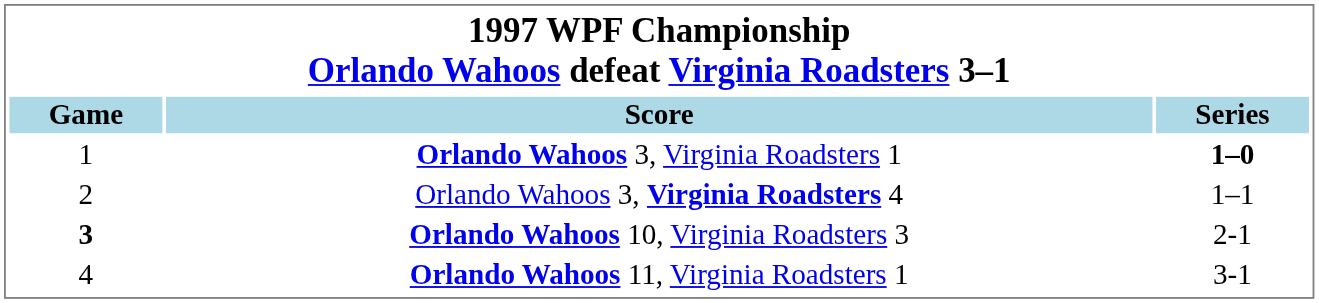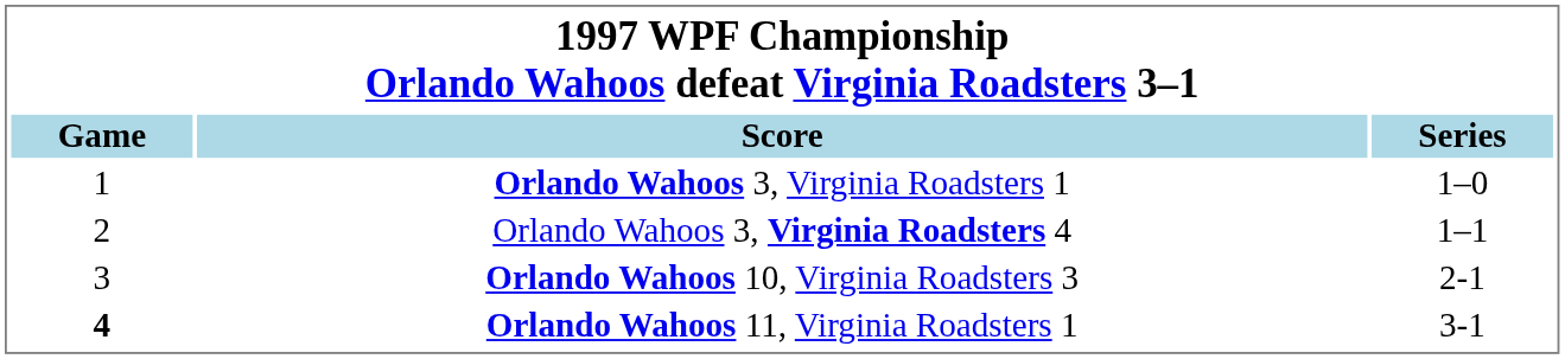 <table cellpadding="1"  style="min-width:45em;text-align:center;font-size:100%; border:1px solid gray;">
 <tr style="font-size:larger;">
 <th colspan=8>1997 WPF Championship<br><strong><a href='#'>Orlando Wahoos</a></strong> defeat <a href='#'>Virginia Roadsters</a> 3–1</th>
 </tr>
 <tr style="background:lightblue;">
 <th>Game</th>
 <th>Score</th>
 <th>Series<br></th>
 </tr>
 <tr>
 <td>1</td>
 <td><strong><a href='#'>Orlando Wahoos</a></strong> 3, <a href='#'>Virginia Roadsters</a> 1</td>
-<td><strong>1–0</strong></td>
+<td>1–0</td>
 </tr>
 <tr>
 <td>2</td>
 <td><a href='#'>Orlando Wahoos</a> 3, <strong><a href='#'>Virginia Roadsters</a></strong> 4</td>
 <td>1–1</td>
 </tr>
 <tr>
-<td><strong>3</strong></td>
+<td>3</td>
 <td><strong><a href='#'>Orlando Wahoos</a></strong> 10, <a href='#'>Virginia Roadsters</a> 3</td>
 <td>2-1</td>
 </tr>
 <tr>
-<td>4</td>
+<td><strong>4</strong></td>
 <td><strong><a href='#'>Orlando Wahoos</a></strong> 11, <a href='#'>Virginia Roadsters</a> 1</td>
 <td>3-1</td>
 </tr>
 </table>
